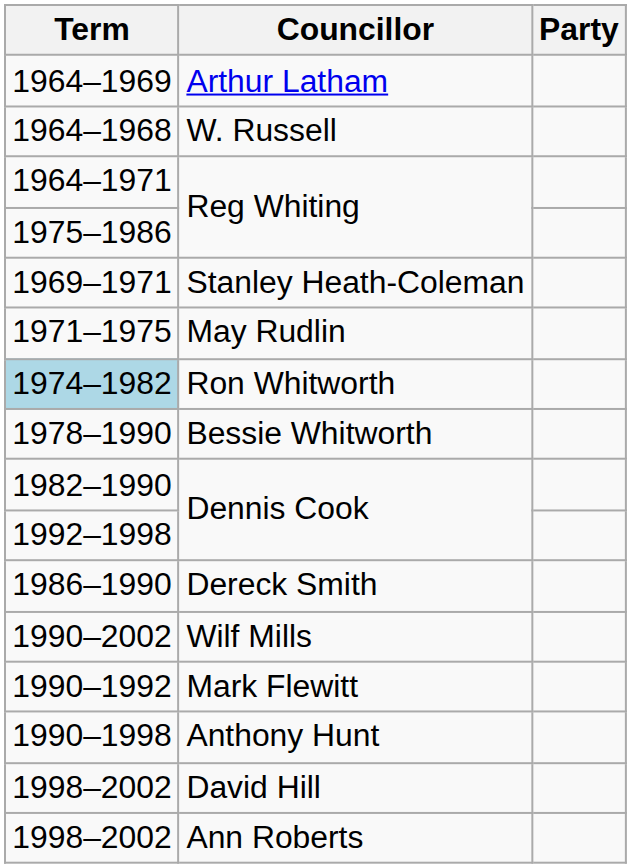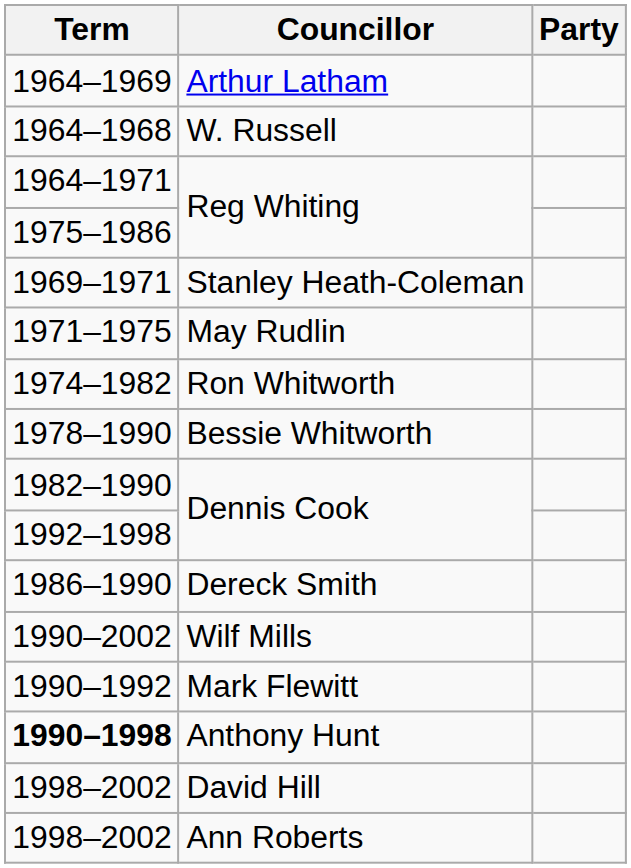 <table class="wikitable">
 <tr>
 <th>Term</th>
 <th>Councillor</th>
 <th colspan=2>Party</th>
 </tr>
 <tr>
 <td>1964–1969</td>
 <td><a href='#'>Arthur Latham</a></td>
 <td></td>
 </tr>
 <tr>
 <td>1964–1968</td>
 <td>W. Russell</td>
 <td></td>
 </tr>
 <tr>
 <td>1964–1971</td>
 <td rowspan=2>Reg Whiting</td>
 <td></td>
 </tr>
 <tr>
 <td>1975–1986</td>
 <td></td>
 </tr>
 <tr>
 <td>1969–1971</td>
 <td>Stanley Heath-Coleman</td>
 <td></td>
 </tr>
 <tr>
 <td>1971–1975</td>
 <td>May Rudlin</td>
 <td></td>
 </tr>
 <tr>
-<td style="background: lightblue;">1974–1982</td>
+<td>1974–1982</td>
 <td>Ron Whitworth</td>
 <td></td>
 </tr>
 <tr>
 <td>1978–1990</td>
 <td>Bessie Whitworth</td>
 <td></td>
 </tr>
 <tr>
 <td>1982–1990</td>
 <td rowspan=2>Dennis Cook</td>
 <td></td>
 </tr>
 <tr>
 <td>1992–1998</td>
 <td></td>
 </tr>
 <tr>
 <td>1986–1990</td>
 <td>Dereck Smith</td>
 <td></td>
 </tr>
 <tr>
 <td>1990–2002</td>
 <td>Wilf Mills</td>
 <td></td>
 </tr>
 <tr>
 <td>1990–1992</td>
 <td>Mark Flewitt</td>
 <td></td>
 </tr>
 <tr>
-<td>1990–1998</td>
+<td><strong>1990–1998</strong></td>
 <td>Anthony Hunt</td>
 <td></td>
 </tr>
 <tr>
 <td>1998–2002</td>
 <td>David Hill</td>
 <td></td>
 </tr>
 <tr>
 <td>1998–2002</td>
 <td>Ann Roberts</td>
 <td></td>
 </tr>
 </table>
